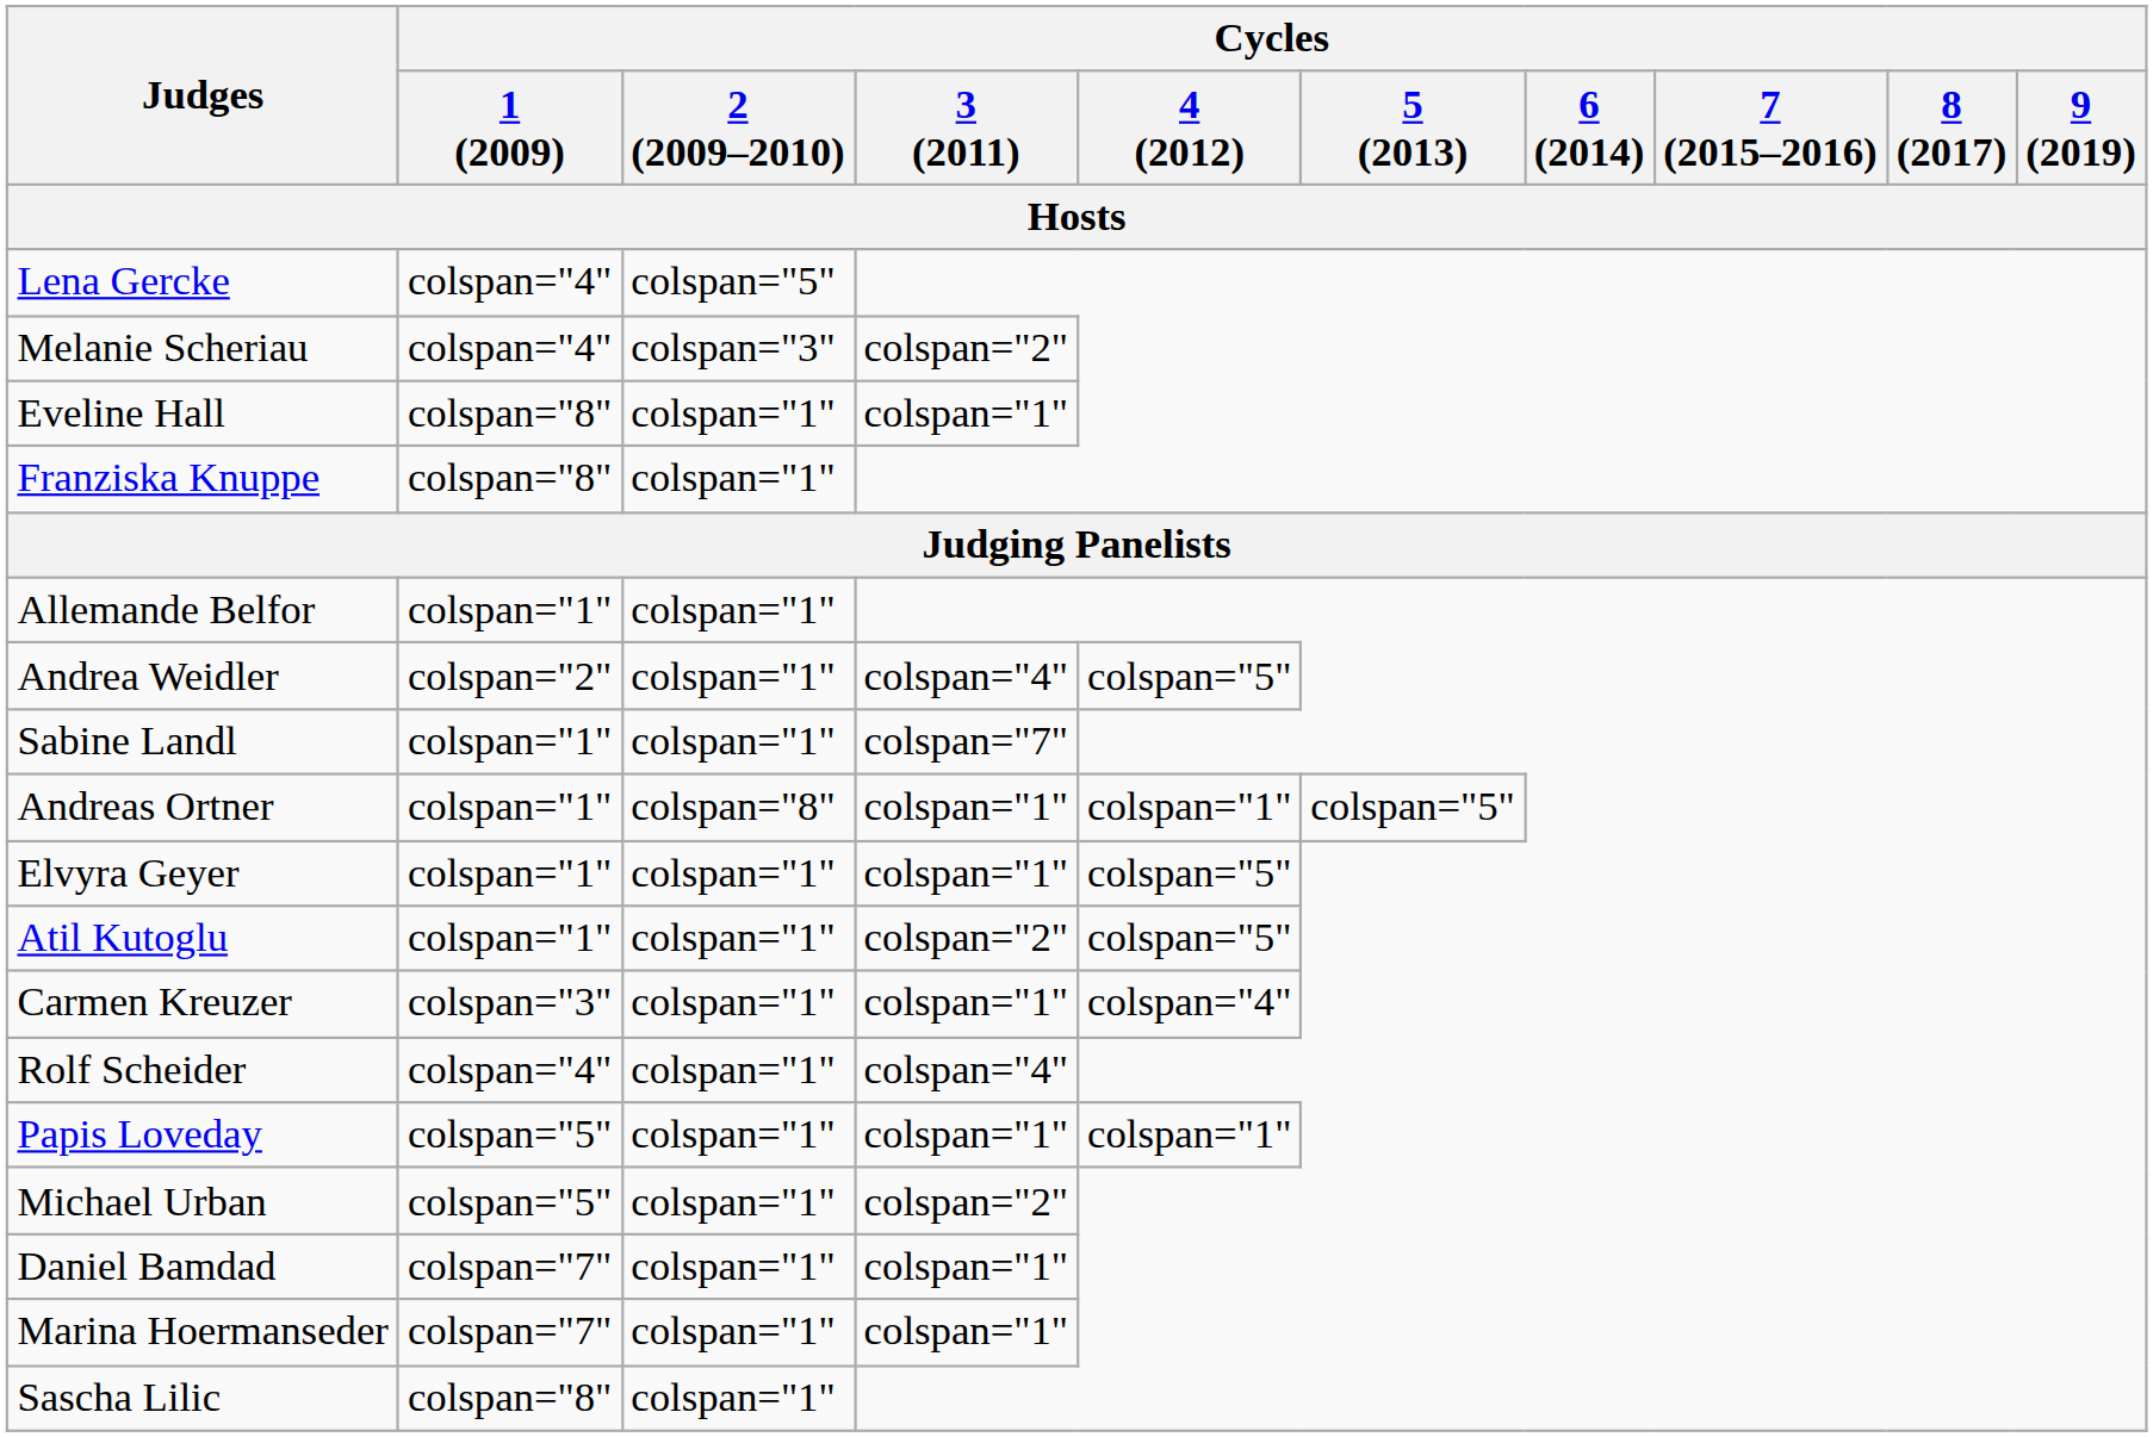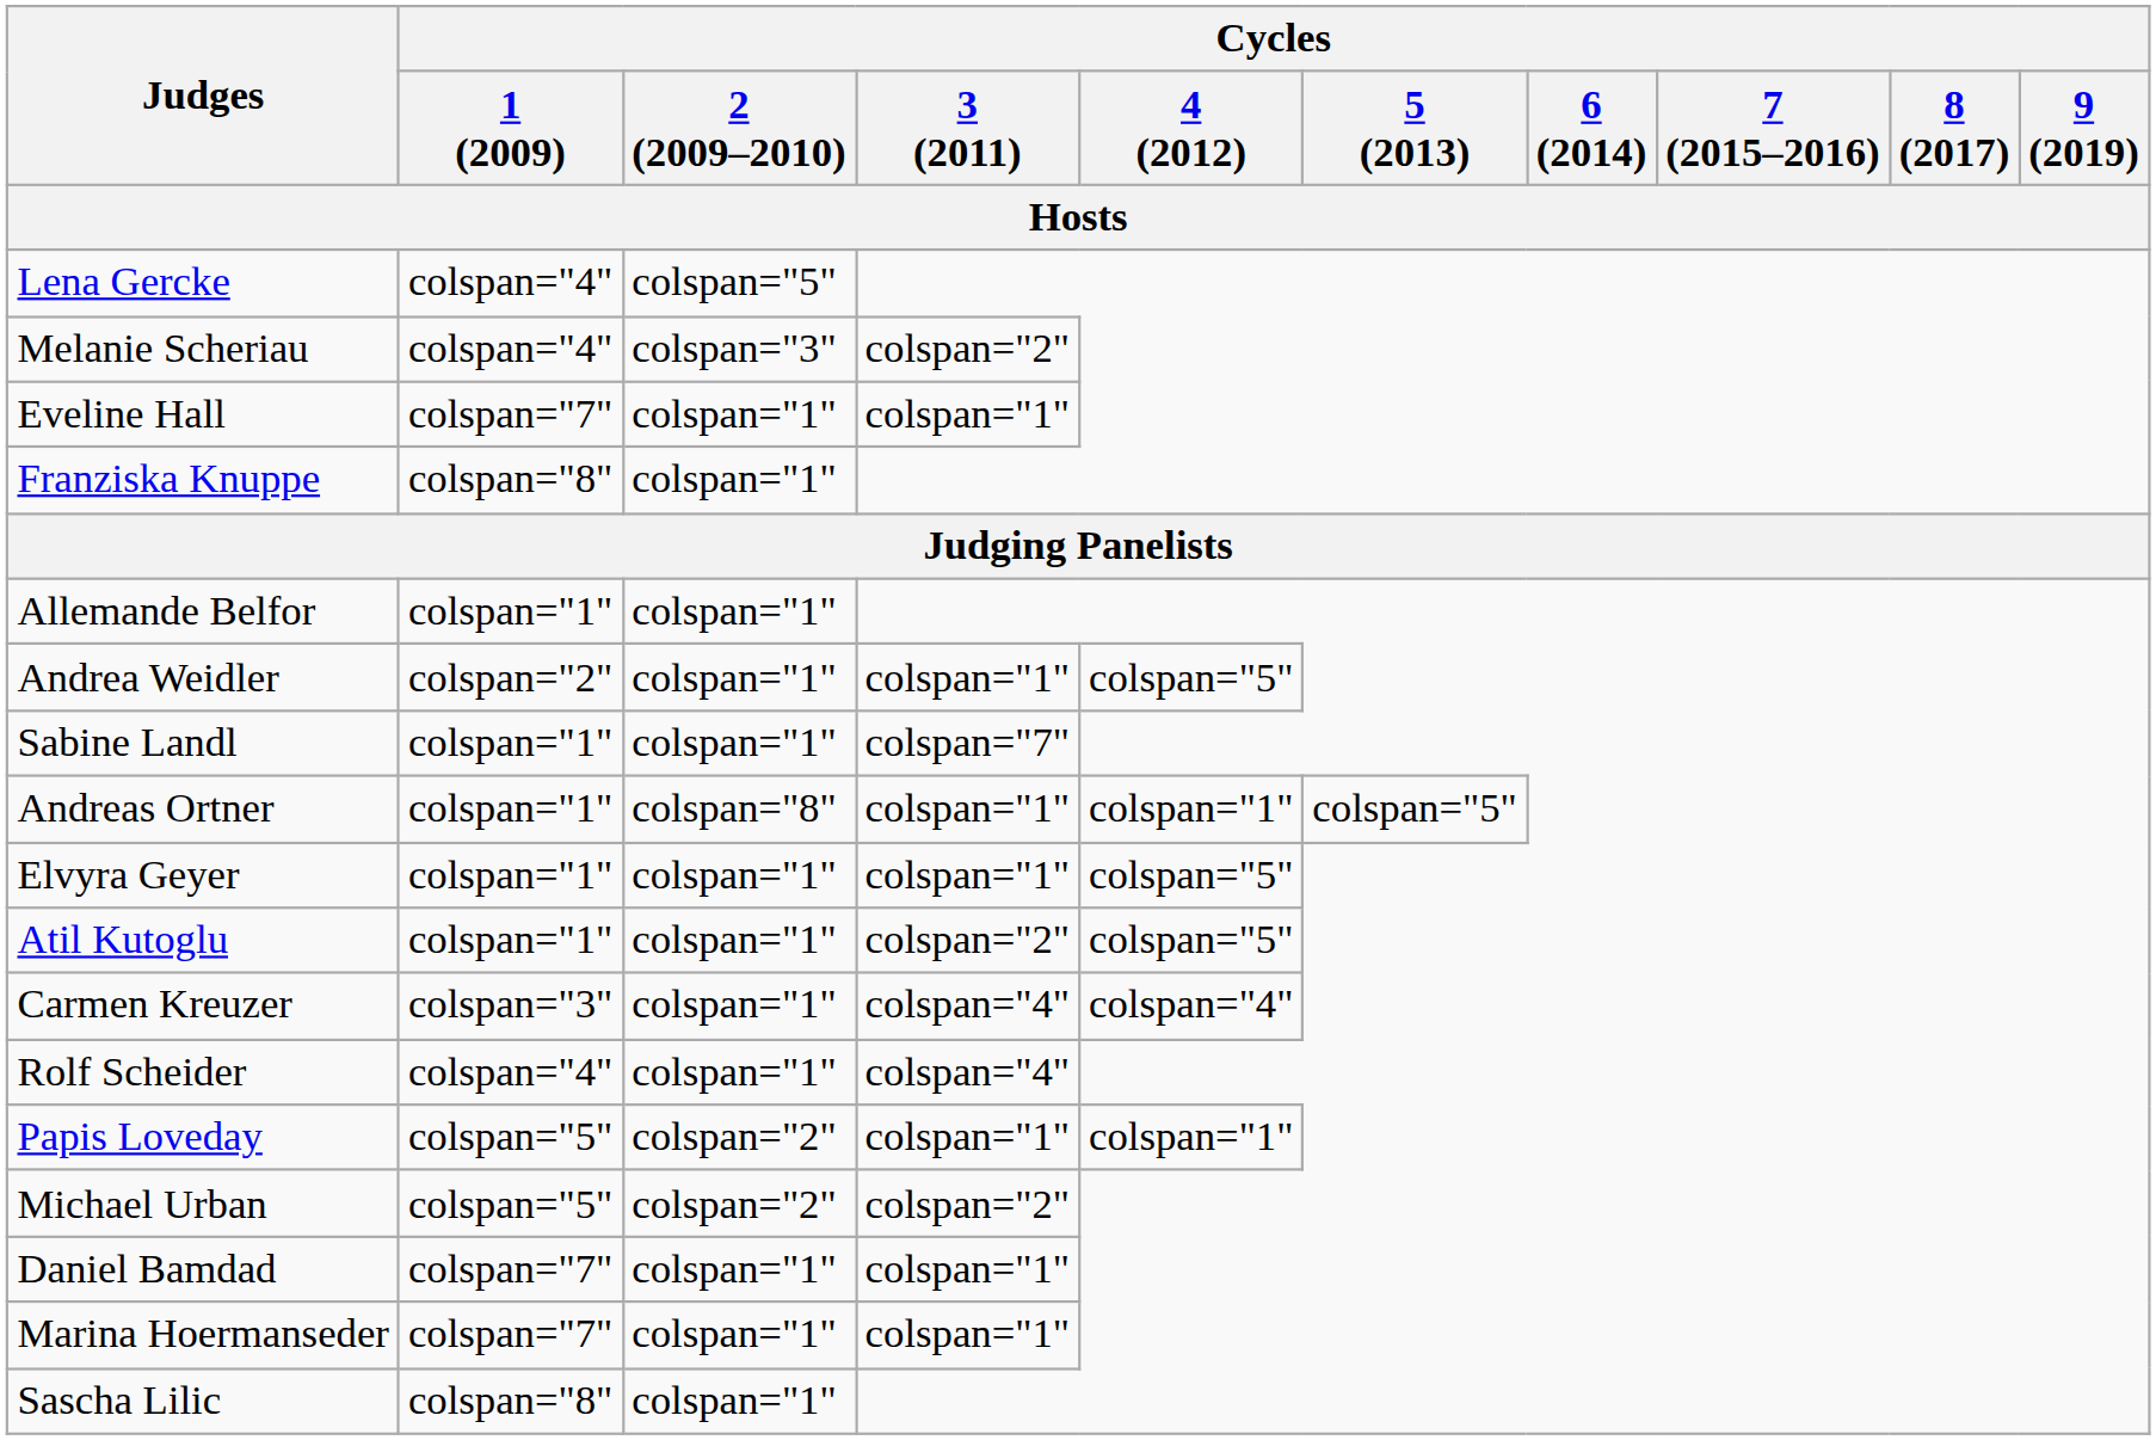 <table class="wikitable" style="margin:1em auto 1em auto;">
 <tr>
 <th rowspan="2">Judges</th>
 <th colspan="9">Cycles</th>
 </tr>
 <tr>
 <th><a href='#'>1</a><br> (2009)</th>
 <th><a href='#'>2</a><br> (2009–2010)</th>
 <th><a href='#'>3</a><br> (2011)</th>
 <th><a href='#'>4</a><br> (2012)</th>
 <th><a href='#'>5</a><br> (2013)</th>
 <th><a href='#'>6</a><br> (2014)</th>
 <th><a href='#'>7</a><br> (2015–2016)</th>
 <th><a href='#'>8</a><br> (2017)</th>
 <th><a href='#'>9</a><br> (2019)</th>
 </tr>
 <tr>
 <th scope="col" colspan="10">Hosts</th>
 </tr>
 <tr>
 <td scope="row"><a href='#'>Lena Gercke</a></td>
 <td>colspan="4" </td>
 <td>colspan="5" </td>
 </tr>
 <tr>
 <td scope="row">Melanie Scheriau</td>
 <td>colspan="4" </td>
 <td>colspan="3" </td>
 <td>colspan="2" </td>
 </tr>
 <tr>
 <td scope="row">Eveline Hall</td>
-<td>colspan="8" </td>
+<td>colspan="7" </td>
 <td>colspan="1" </td>
 <td>colspan="1" </td>
 </tr>
 <tr>
 <td scope="row"><a href='#'>Franziska Knuppe</a></td>
 <td>colspan="8" </td>
 <td>colspan="1" </td>
 </tr>
 <tr>
 <th scope="col" colspan="10">Judging Panelists</th>
 </tr>
 <tr>
 <td scope="row">Allemande Belfor</td>
 <td>colspan="1" </td>
 <td>colspan="1" </td>
 </tr>
 <tr>
 <td scope="row">Andrea Weidler</td>
 <td>colspan="2" </td>
 <td>colspan="1" </td>
-<td>colspan="4" </td>
+<td>colspan="1" </td>
 <td>colspan="5" </td>
 </tr>
 <tr>
 <td scope="row">Sabine Landl</td>
 <td>colspan="1" </td>
 <td>colspan="1" </td>
 <td>colspan="7" </td>
 </tr>
 <tr>
 <td scope="row">Andreas Ortner</td>
 <td>colspan="1" </td>
 <td>colspan="8" </td>
 <td>colspan="1" </td>
 <td>colspan="1" </td>
 <td>colspan="5" </td>
 </tr>
 <tr>
 <td scope="row">Elvyra Geyer</td>
 <td>colspan="1" </td>
 <td>colspan="1" </td>
 <td>colspan="1" </td>
 <td>colspan="5" </td>
 </tr>
 <tr>
 <td scope="row"><a href='#'>Atil Kutoglu</a></td>
 <td>colspan="1" </td>
 <td>colspan="1" </td>
 <td>colspan="2" </td>
 <td>colspan="5" </td>
 </tr>
 <tr>
 <td scope="row">Carmen Kreuzer</td>
 <td>colspan="3" </td>
 <td>colspan="1" </td>
-<td>colspan="1" </td>
+<td>colspan="4" </td>
 <td>colspan="4" </td>
 </tr>
 <tr>
 <td scope="row">Rolf Scheider</td>
 <td>colspan="4" </td>
 <td>colspan="1" </td>
 <td>colspan="4" </td>
 </tr>
 <tr>
 <td scope="row"><a href='#'>Papis Loveday</a></td>
 <td>colspan="5" </td>
-<td>colspan="1" </td>
+<td>colspan="2" </td>
 <td>colspan="1" </td>
 <td>colspan="1" </td>
 </tr>
 <tr>
 <td scope="row">Michael Urban</td>
 <td>colspan="5" </td>
-<td>colspan="1" </td>
+<td>colspan="2" </td>
 <td>colspan="2" </td>
 </tr>
 <tr>
 <td scope="row">Daniel Bamdad</td>
 <td>colspan="7" </td>
 <td>colspan="1" </td>
 <td>colspan="1" </td>
 </tr>
 <tr>
 <td scope="row">Marina Hoermanseder</td>
 <td>colspan="7" </td>
 <td>colspan="1" </td>
 <td>colspan="1" </td>
 </tr>
 <tr>
 <td scope="row">Sascha Lilic</td>
 <td>colspan="8" </td>
 <td>colspan="1" </td>
 </tr>
 </table>
